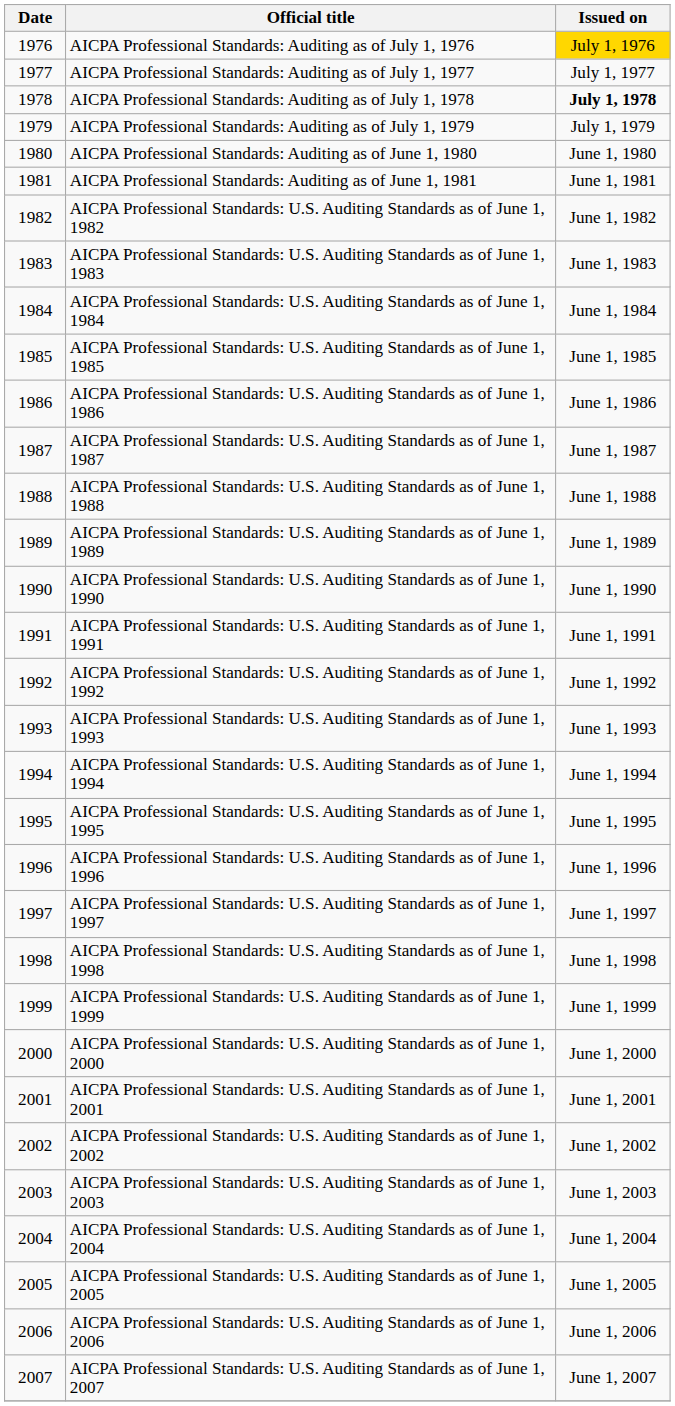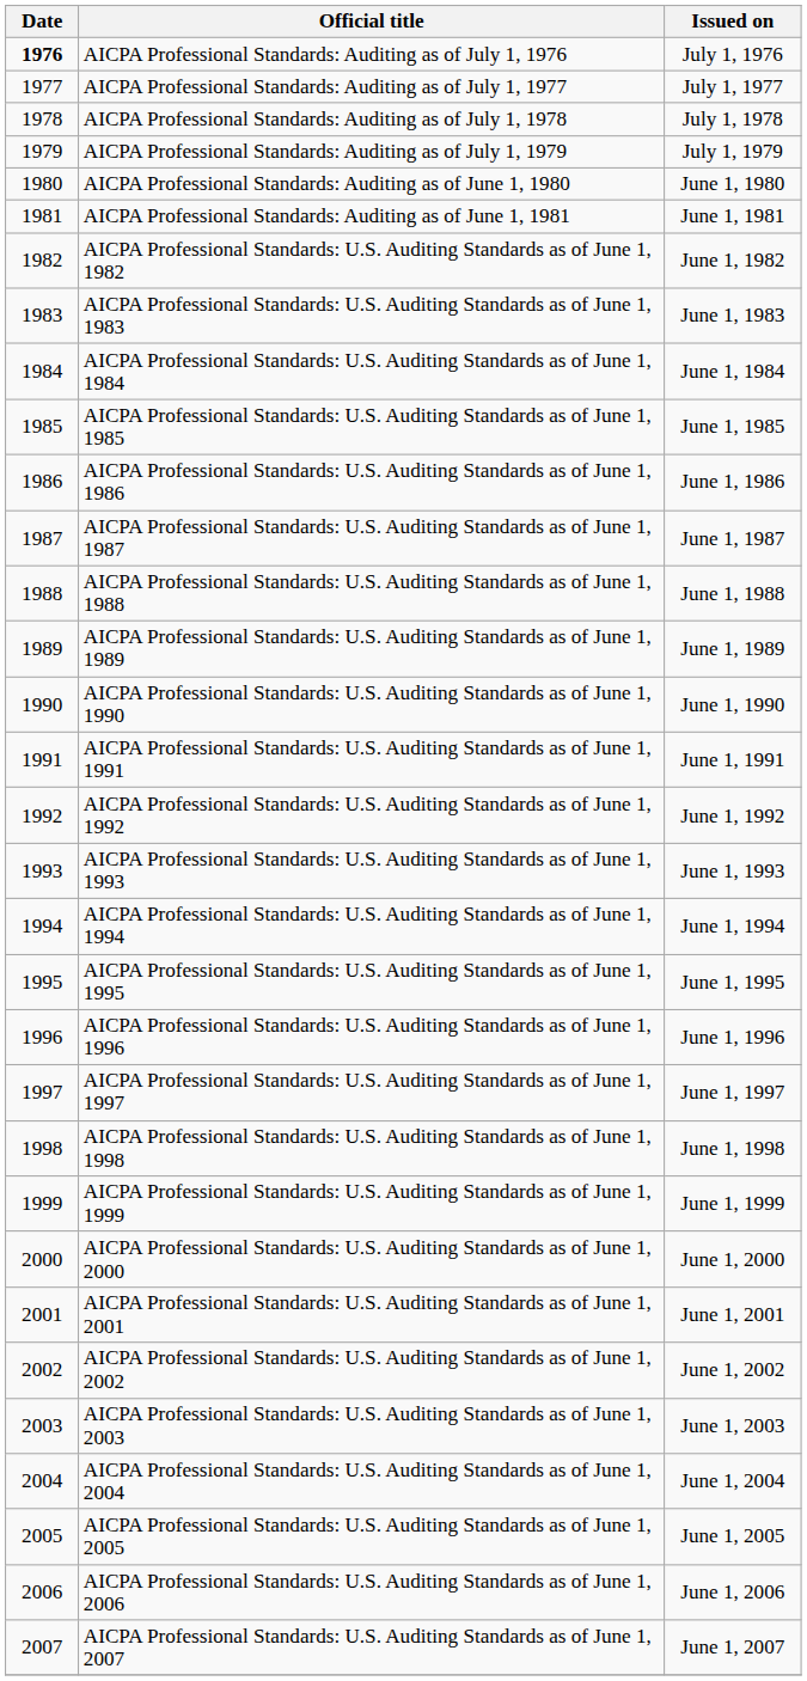 <table class="wikitable sortable">
 <tr>
 <th width="50">Date</th>
 <th width="450">Official title</th>
 <th width="100">Issued on</th>
 </tr>
 <tr>
-<td align="center">1976</td>
+<td align="center"><strong>1976</strong></td>
 <td>AICPA Professional Standards: Auditing as of July 1, 1976 </td>
-<td align="center" style="background: gold;">July 1, 1976</td>
+<td align="center">July 1, 1976</td>
 </tr>
 <tr>
 <td align="center">1977</td>
 <td>AICPA Professional Standards: Auditing as of July 1, 1977 </td>
 <td align="center">July 1, 1977</td>
 </tr>
 <tr>
 <td align="center">1978</td>
 <td>AICPA Professional Standards: Auditing as of July 1, 1978 </td>
-<td align="center"><strong>July 1, 1978</strong></td>
+<td align="center">July 1, 1978</td>
 </tr>
 <tr>
 <td align="center">1979</td>
 <td>AICPA Professional Standards: Auditing as of July 1, 1979 </td>
 <td align="center">July 1, 1979</td>
 </tr>
 <tr>
 <td align="center">1980</td>
 <td>AICPA Professional Standards: Auditing as of June 1, 1980 </td>
 <td align="center">June 1, 1980</td>
 </tr>
 <tr>
 <td align="center">1981</td>
 <td>AICPA Professional Standards: Auditing as of June 1, 1981 </td>
 <td align="center">June 1, 1981</td>
 </tr>
 <tr>
 <td align="center">1982</td>
 <td>AICPA Professional Standards: U.S. Auditing Standards as of June 1, 1982 </td>
 <td align="center">June 1, 1982</td>
 </tr>
 <tr>
 <td align="center">1983</td>
 <td>AICPA Professional Standards: U.S. Auditing Standards as of June 1, 1983 </td>
 <td align="center">June 1, 1983</td>
 </tr>
 <tr>
 <td align="center">1984</td>
 <td>AICPA Professional Standards: U.S. Auditing Standards as of June 1, 1984 </td>
 <td align="center">June 1, 1984</td>
 </tr>
 <tr>
 <td align="center">1985</td>
 <td>AICPA Professional Standards: U.S. Auditing Standards as of June 1, 1985 </td>
 <td align="center">June 1, 1985</td>
 </tr>
 <tr>
 <td align="center">1986</td>
 <td>AICPA Professional Standards: U.S. Auditing Standards as of June 1, 1986 </td>
 <td align="center">June 1, 1986</td>
 </tr>
 <tr>
 <td align="center">1987</td>
 <td>AICPA Professional Standards: U.S. Auditing Standards as of June 1, 1987 </td>
 <td align="center">June 1, 1987</td>
 </tr>
 <tr>
 <td align="center">1988</td>
 <td>AICPA Professional Standards: U.S. Auditing Standards as of June 1, 1988 </td>
 <td align="center">June 1, 1988</td>
 </tr>
 <tr>
 <td align="center">1989</td>
 <td>AICPA Professional Standards: U.S. Auditing Standards as of June 1, 1989 </td>
 <td align="center">June 1, 1989</td>
 </tr>
 <tr>
 <td align="center">1990</td>
 <td>AICPA Professional Standards: U.S. Auditing Standards as of June 1, 1990 </td>
 <td align="center">June 1, 1990</td>
 </tr>
 <tr>
 <td align="center">1991</td>
 <td>AICPA Professional Standards: U.S. Auditing Standards as of June 1, 1991 </td>
 <td align="center">June 1, 1991</td>
 </tr>
 <tr>
 <td align="center">1992</td>
 <td>AICPA Professional Standards: U.S. Auditing Standards as of June 1, 1992 </td>
 <td align="center">June 1, 1992</td>
 </tr>
 <tr>
 <td align="center">1993</td>
 <td>AICPA Professional Standards: U.S. Auditing Standards as of June 1, 1993 </td>
 <td align="center">June 1, 1993</td>
 </tr>
 <tr>
 <td align="center">1994</td>
 <td>AICPA Professional Standards: U.S. Auditing Standards as of June 1, 1994 </td>
 <td align="center">June 1, 1994</td>
 </tr>
 <tr>
 <td align="center">1995</td>
 <td>AICPA Professional Standards: U.S. Auditing Standards as of June 1, 1995 </td>
 <td align="center">June 1, 1995</td>
 </tr>
 <tr>
 <td align="center">1996</td>
 <td>AICPA Professional Standards: U.S. Auditing Standards as of June 1, 1996 </td>
 <td align="center">June 1, 1996</td>
 </tr>
 <tr>
 <td align="center">1997</td>
 <td>AICPA Professional Standards: U.S. Auditing Standards as of June 1, 1997 </td>
 <td align="center">June 1, 1997</td>
 </tr>
 <tr>
 <td align="center">1998</td>
 <td>AICPA Professional Standards: U.S. Auditing Standards as of June 1, 1998 </td>
 <td align="center">June 1, 1998</td>
 </tr>
 <tr>
 <td align="center">1999</td>
 <td>AICPA Professional Standards: U.S. Auditing Standards as of June 1, 1999 </td>
 <td align="center">June 1, 1999</td>
 </tr>
 <tr>
 <td align="center">2000</td>
 <td>AICPA Professional Standards: U.S. Auditing Standards as of June 1, 2000 </td>
 <td align="center">June 1, 2000</td>
 </tr>
 <tr>
 <td align="center">2001</td>
 <td>AICPA Professional Standards: U.S. Auditing Standards as of June 1, 2001 </td>
 <td align="center">June 1, 2001</td>
 </tr>
 <tr>
 <td align="center">2002</td>
 <td>AICPA Professional Standards: U.S. Auditing Standards as of June 1, 2002 </td>
 <td align="center">June 1, 2002</td>
 </tr>
 <tr>
 <td align="center">2003</td>
 <td>AICPA Professional Standards: U.S. Auditing Standards as of June 1, 2003 </td>
 <td align="center">June 1, 2003</td>
 </tr>
 <tr>
 <td align="center">2004</td>
 <td>AICPA Professional Standards: U.S. Auditing Standards as of June 1, 2004 </td>
 <td align="center">June 1, 2004</td>
 </tr>
 <tr>
 <td align="center">2005</td>
 <td>AICPA Professional Standards: U.S. Auditing Standards as of June 1, 2005 </td>
 <td align="center">June 1, 2005</td>
 </tr>
 <tr>
 <td align="center">2006</td>
 <td>AICPA Professional Standards: U.S. Auditing Standards as of June 1, 2006 </td>
 <td align="center">June 1, 2006</td>
 </tr>
 <tr>
 <td align="center">2007</td>
 <td>AICPA Professional Standards: U.S. Auditing Standards as of June 1, 2007 </td>
 <td align="center">June 1, 2007</td>
 </tr>
 <tr>
 </tr>
 </table>
